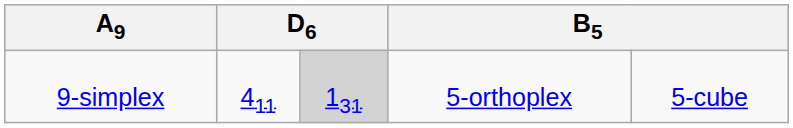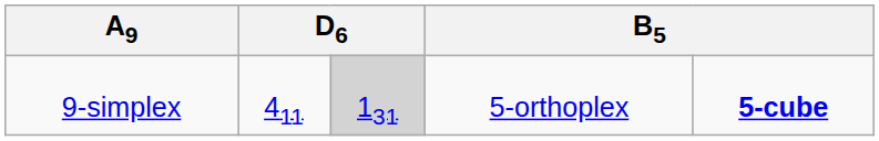 <table class="wikitable skin-invert-image" width=500>
 <tr>
 <th>A<sub>9</sub></th>
 <th colspan=2>D<sub>6</sub></th>
 <th colspan=2>B<sub>5</sub></th>
 </tr>
 <tr align=center valign=top>
 <td><br><a href='#'>9-simplex</a></td>
 <td><br><a href='#'>4<sub>11</sub></a></td>
 <td style="background: lightgrey;"><br><a href='#'>1<sub>31</sub></a></td>
 <td><br><a href='#'>5-orthoplex</a></td>
-<td><br><a href='#'>5-cube</a></td>
+<td><strong><br><a href='#'>5-cube</a></strong></td>
 </tr>
 </table>
